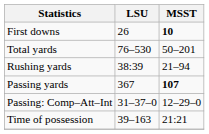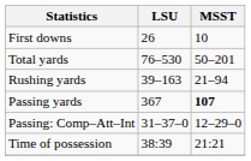 <table class="wikitable" style="float: left;">
 <tr>
 <th>Statistics</th>
 <th>LSU</th>
 <th>MSST</th>
 </tr>
 <tr>
 <td>First downs</td>
 <td>26</td>
-<td><strong>10</strong></td>
+<td>10</td>
 </tr>
 <tr>
 <td>Total yards</td>
 <td>76–530</td>
 <td>50–201</td>
 </tr>
 <tr>
 <td>Rushing yards</td>
-<td>38:39</td>
+<td>39–163</td>
 <td>21–94</td>
 </tr>
 <tr>
 <td>Passing yards</td>
 <td>367</td>
 <td><strong>107</strong></td>
 </tr>
 <tr>
 <td>Passing: Comp–Att–Int</td>
 <td>31–37–0</td>
 <td>12–29–0</td>
 </tr>
 <tr>
 <td>Time of possession</td>
-<td>39–163</td>
+<td>38:39</td>
 <td>21:21</td>
 </tr>
 <tr>
 </tr>
 </table>
